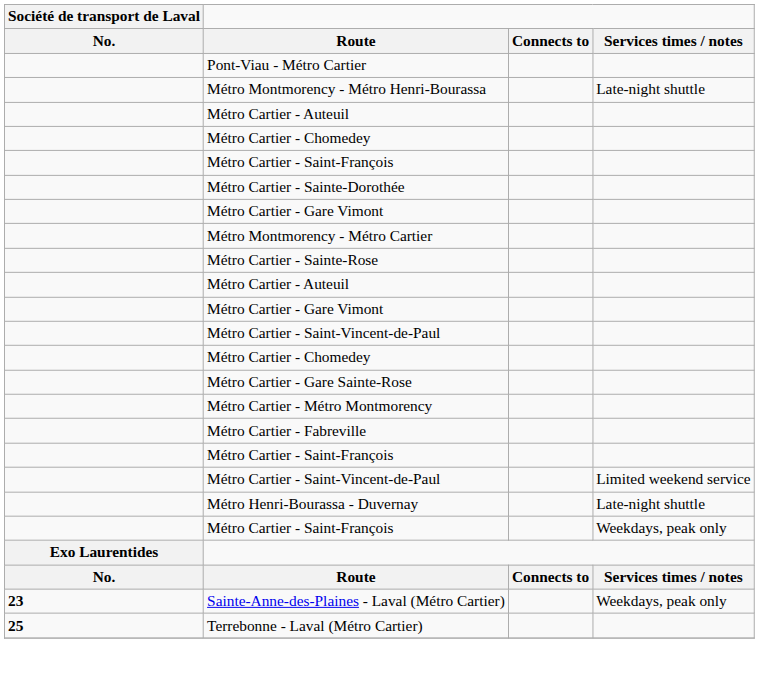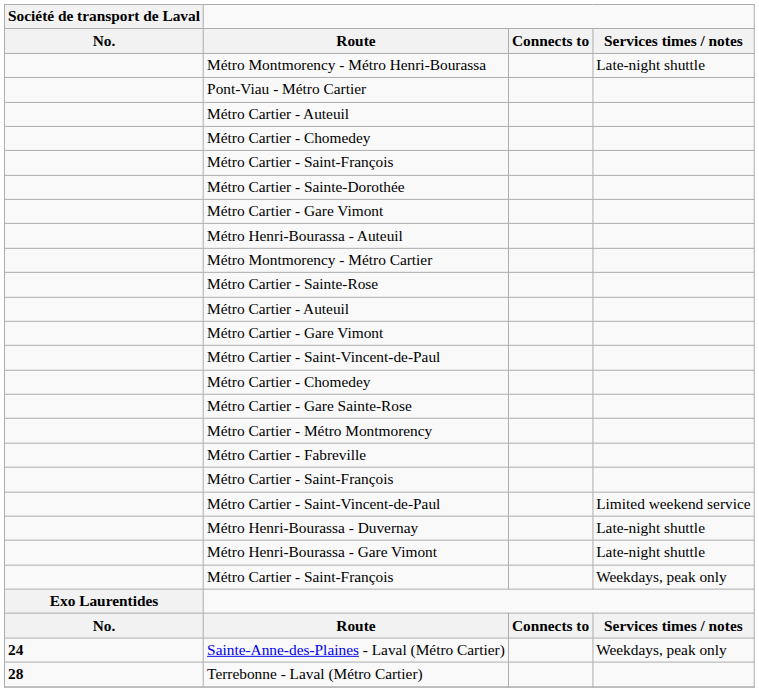 <table class="wikitable" align="center">
 <tr>
 <th style="background: #">Société de transport de Laval</th>
 </tr>
 <tr>
 <th>No.</th>
 <th>Route</th>
 <th>Connects to</th>
 <th>Services times / notes</th>
 </tr>
 <tr>
 <td></td>
+<td>Métro Montmorency - Métro Henri-Bourassa</td>
+<td></td>
+<td>Late-night shuttle</td>
+</tr>
+<tr>
+<td></td>
 <td>Pont-Viau - Métro Cartier</td>
 <td></td>
 <td></td>
-</tr>
-<tr>
-<td></td>
-<td>Métro Montmorency - Métro Henri-Bourassa</td>
-<td></td>
-<td>Late-night shuttle</td>
 </tr>
 <tr>
 <td></td>
 <td>Métro Cartier - Auteuil</td>
 <td></td>
 <td></td>
 </tr>
 <tr>
 <td></td>
 <td>Métro Cartier - Chomedey</td>
 <td></td>
 <td></td>
 </tr>
 <tr>
 <td></td>
 <td>Métro Cartier - Saint-François</td>
 <td></td>
 <td></td>
 </tr>
 <tr>
 <td></td>
 <td>Métro Cartier - Sainte-Dorothée</td>
 <td></td>
 <td></td>
 </tr>
 <tr>
 <td></td>
 <td>Métro Cartier - Gare Vimont</td>
+<td></td>
+<td></td>
+</tr>
+<tr>
+<td></td>
+<td>Métro Henri-Bourassa - Auteuil</td>
 <td></td>
 <td></td>
 </tr>
 <tr>
 <td></td>
 <td>Métro Montmorency - Métro Cartier</td>
 <td></td>
 <td></td>
 </tr>
 <tr>
 <td></td>
 <td>Métro Cartier - Sainte-Rose</td>
 <td></td>
 <td></td>
 </tr>
 <tr>
 <td></td>
 <td>Métro Cartier - Auteuil</td>
 <td></td>
 <td></td>
 </tr>
 <tr>
 <td></td>
 <td>Métro Cartier - Gare Vimont</td>
 <td></td>
 <td></td>
 </tr>
 <tr>
 <td></td>
 <td>Métro Cartier - Saint-Vincent-de-Paul</td>
 <td></td>
 <td></td>
 </tr>
 <tr>
 <td></td>
 <td>Métro Cartier - Chomedey</td>
 <td></td>
 <td></td>
 </tr>
 <tr>
 <td></td>
 <td>Métro Cartier - Gare Sainte-Rose</td>
 <td></td>
 <td></td>
 </tr>
 <tr>
 <td></td>
 <td>Métro Cartier - Métro Montmorency</td>
 <td></td>
 <td></td>
 </tr>
 <tr>
 <td></td>
 <td>Métro Cartier - Fabreville</td>
 <td></td>
 <td></td>
 </tr>
 <tr>
 <td></td>
 <td>Métro Cartier - Saint-François</td>
 <td></td>
 <td></td>
 </tr>
 <tr>
 <td></td>
 <td>Métro Cartier - Saint-Vincent-de-Paul</td>
 <td></td>
 <td>Limited weekend service</td>
 </tr>
 <tr>
 <td></td>
 <td>Métro Henri-Bourassa - Duvernay</td>
 <td></td>
 <td>Late-night shuttle</td>
 </tr>
 <tr>
 <td></td>
+<td>Métro Henri-Bourassa - Gare Vimont</td>
+<td></td>
+<td>Late-night shuttle</td>
+</tr>
+<tr>
+<td></td>
 <td>Métro Cartier - Saint-François</td>
 <td></td>
 <td>Weekdays, peak only</td>
 </tr>
 <tr>
 <th style="background: #">Exo Laurentides</th>
 </tr>
 <tr>
 <th>No.</th>
 <th>Route</th>
 <th>Connects to</th>
 <th>Services times / notes</th>
 </tr>
 <tr>
-<td {{border> <strong>23</strong></td>
+<td {{border> <strong>24</strong></td>
 <td><a href='#'>Sainte-Anne-des-Plaines</a> - Laval (Métro Cartier)</td>
 <td></td>
 <td>Weekdays, peak only</td>
 </tr>
 <tr>
-<td {{border> <strong>25</strong></td>
+<td {{border> <strong>28</strong></td>
 <td>Terrebonne - Laval (Métro Cartier)</td>
 <td></td>
 <td></td>
 </tr>
 <tr>
 </tr>
 </table>
